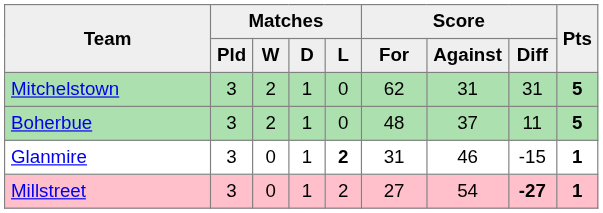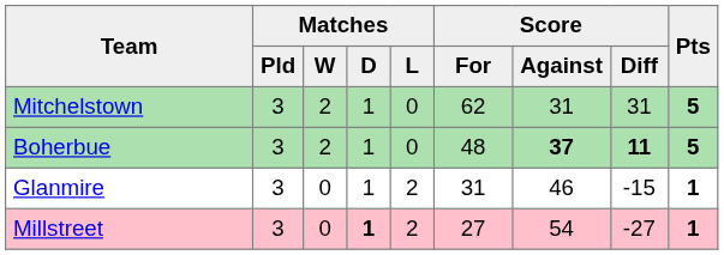 <table style=border-collapse:collapse border=1 cellspacing=0 cellpadding=5>
 <tr align=center bgcolor=#efefef>
 <th rowspan=2 width=165>Team</th>
 <th colspan=4>Matches</th>
 <th colspan=3>Score</th>
 <th rowspan=2width=20>Pts</th>
 </tr>
 <tr align=center bgcolor=#efefef>
 <th width=20>Pld</th>
 <th width=20>W</th>
 <th width=20>D</th>
 <th width=20>L</th>
 <th width=45>For</th>
 <th width=45>Against</th>
 <th width=30>Diff</th>
 </tr>
 <tr align=center style="background:#ACE1AF;">
 <td style="text-align:left;"><a href='#'>Mitchelstown</a></td>
 <td>3</td>
 <td>2</td>
 <td>1</td>
 <td>0</td>
 <td>62</td>
 <td>31</td>
 <td>31</td>
 <td><strong>5</strong></td>
 </tr>
 <tr align=center style="background:#ACE1AF;">
 <td style="text-align:left;"><a href='#'>Boherbue</a></td>
 <td>3</td>
 <td>2</td>
 <td>1</td>
 <td>0</td>
 <td>48</td>
-<td>37</td>
-<td>11</td>
+<td><strong>37</strong></td>
+<td><strong>11</strong></td>
 <td><strong>5</strong></td>
 </tr>
 <tr align=center>
 <td style="text-align:left;"><a href='#'>Glanmire</a></td>
 <td>3</td>
 <td>0</td>
 <td>1</td>
-<td><strong>2</strong></td>
+<td>2</td>
 <td>31</td>
 <td>46</td>
 <td>-15</td>
 <td><strong>1</strong></td>
 </tr>
 <tr align=center style="background:#FFC0CB;">
 <td style="text-align:left;"><a href='#'>Millstreet</a></td>
 <td>3</td>
 <td>0</td>
-<td>1</td>
+<td><strong>1</strong></td>
 <td>2</td>
 <td>27</td>
 <td>54</td>
-<td><strong>-27</strong></td>
+<td>-27</td>
 <td><strong>1</strong></td>
 </tr>
 </table>
